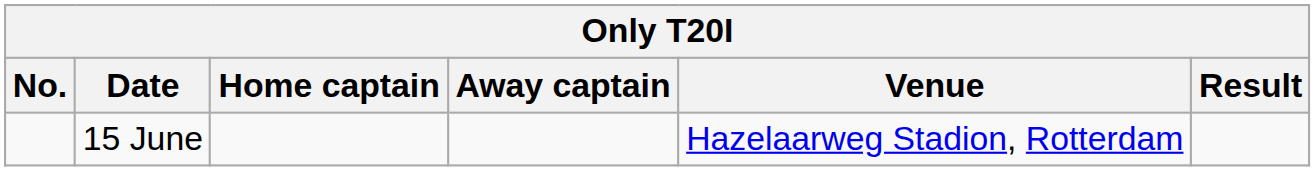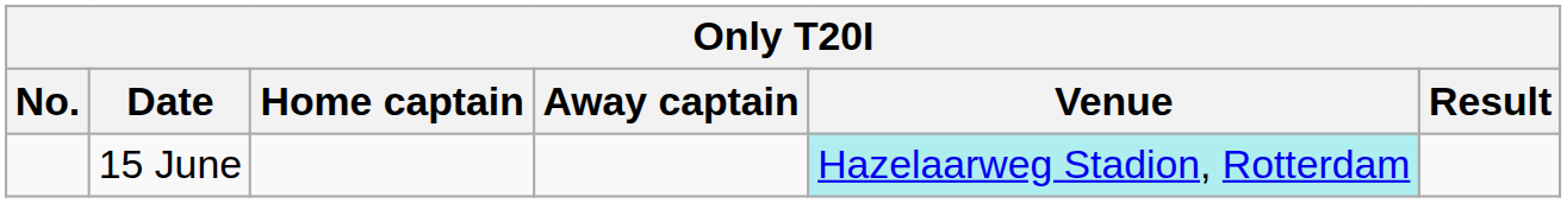 <table class="wikitable">
 <tr>
 <th colspan="9">Only T20I</th>
 </tr>
 <tr>
 <th>No.</th>
 <th>Date</th>
 <th>Home captain</th>
 <th>Away captain</th>
 <th>Venue</th>
 <th>Result</th>
 </tr>
 <tr>
 <td></td>
 <td>15 June</td>
 <td></td>
 <td></td>
-<td><a href='#'>Hazelaarweg Stadion</a>, <a href='#'>Rotterdam</a></td>
+<td style="background: paleturquoise;"><a href='#'>Hazelaarweg Stadion</a>, <a href='#'>Rotterdam</a></td>
 <td></td>
 </tr>
 </table>
